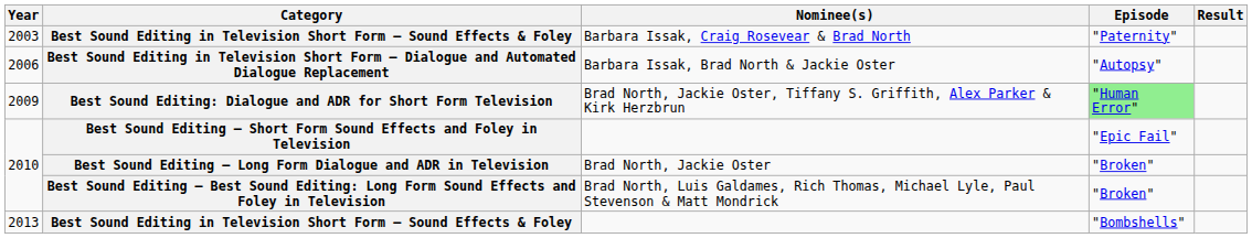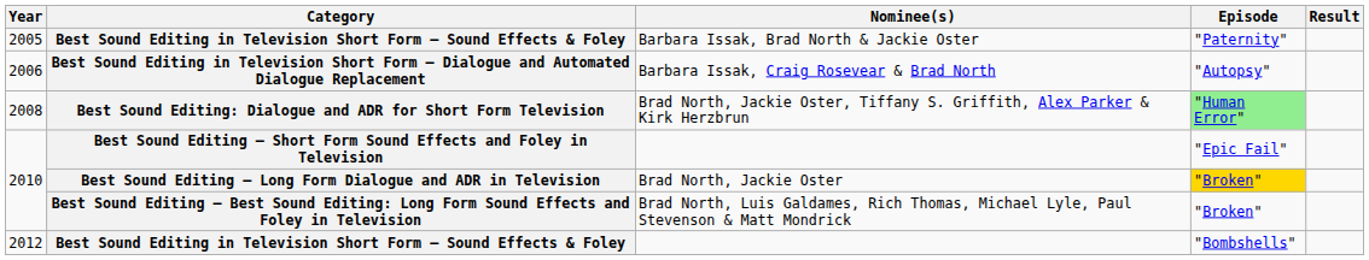 <table class="wikitable plainrowheaders">
 <tr>
 <th scope="col">Year</th>
 <th scope="col">Category</th>
 <th scope="col">Nominee(s)</th>
 <th scope="col">Episode</th>
 <th scope="col">Result</th>
 </tr>
 <tr>
-<td>2003</td>
+<td>2005</td>
 <th scope="row">Best Sound Editing in Television Short Form – Sound Effects & Foley</th>
-<td>Barbara Issak, <a href='#'>Craig Rosevear</a> & <a href='#'>Brad North</a></td>
+<td>Barbara Issak, Brad North & Jackie Oster</td>
 <td>"<a href='#'>Paternity</a>"</td>
 <td></td>
 </tr>
 <tr>
 <td>2006</td>
 <th scope="row">Best Sound Editing in Television Short Form – Dialogue and Automated Dialogue Replacement</th>
-<td>Barbara Issak, Brad North & Jackie Oster</td>
+<td>Barbara Issak, <a href='#'>Craig Rosevear</a> & <a href='#'>Brad North</a></td>
 <td>"<a href='#'>Autopsy</a>"</td>
 <td></td>
 </tr>
 <tr>
-<td>2009</td>
+<td>2008</td>
 <th scope="row">Best Sound Editing: Dialogue and ADR for Short Form Television</th>
 <td>Brad North, Jackie Oster, Tiffany S. Griffith, <a href='#'>Alex Parker</a> & Kirk Herzbrun</td>
 <td style="background: lightgreen;">"<a href='#'>Human Error</a>"</td>
 <td></td>
 </tr>
 <tr>
 <td rowspan=3>2010</td>
 <th scope="row">Best Sound Editing – Short Form Sound Effects and Foley in Television</th>
 <td></td>
 <td>"<a href='#'>Epic Fail</a>"</td>
 <td></td>
 </tr>
 <tr>
 <th scope="row">Best Sound Editing – Long Form Dialogue and ADR in Television</th>
 <td>Brad North, Jackie Oster</td>
-<td>"<a href='#'>Broken</a>"</td>
+<td style="background: gold;">"<a href='#'>Broken</a>"</td>
 <td></td>
 </tr>
 <tr>
 <th scope="row">Best Sound Editing – Best Sound Editing: Long Form Sound Effects and Foley in Television</th>
 <td>Brad North, Luis Galdames, Rich Thomas,  Michael Lyle, Paul Stevenson & Matt Mondrick</td>
 <td>"<a href='#'>Broken</a>"</td>
 <td></td>
 </tr>
 <tr>
-<td>2013</td>
+<td>2012</td>
 <th scope="row">Best Sound Editing in Television Short Form – Sound Effects & Foley</th>
 <td></td>
 <td>"<a href='#'>Bombshells</a>"</td>
 <td></td>
 </tr>
 </table>
